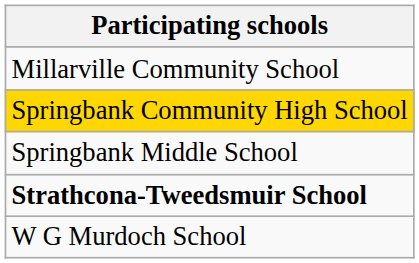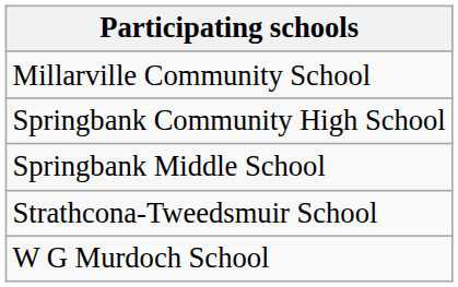 <table class="wikitable" align=right>
 <tr>
 <th>Participating schools</th>
 </tr>
 <tr>
 <td>Millarville Community School</td>
 </tr>
 <tr>
-<td style="background: gold;">Springbank Community High School</td>
+<td>Springbank Community High School</td>
 </tr>
 <tr>
 <td>Springbank Middle School</td>
 </tr>
 <tr>
-<td><strong>Strathcona-Tweedsmuir School</strong></td>
+<td>Strathcona-Tweedsmuir School</td>
 </tr>
 <tr>
 <td>W G Murdoch School</td>
 </tr>
 </table>
